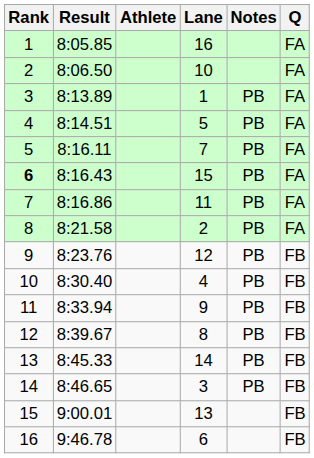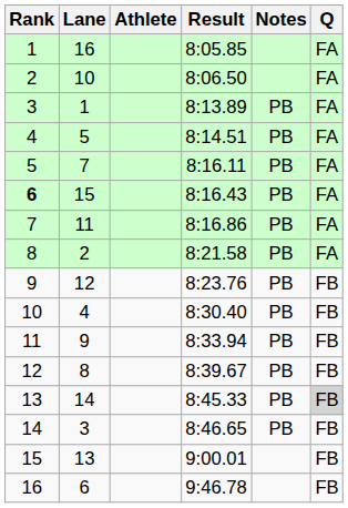 <table class="wikitable sortable" style="text-align:center">
 <tr>
 <th>Rank</th>
+<th>Lane</th>
+<th>Athlete</th>
 <th>Result</th>
-<th>Athlete</th>
-<th>Lane</th>
 <th>Notes</th>
 <th>Q</th>
 </tr>
 <tr style="background:#cfc;">
 <td>1</td>
+<td>16</td>
+<td align=left></td>
 <td>8:05.85</td>
-<td align=left></td>
-<td>16</td>
 <td></td>
 <td>FA</td>
 </tr>
 <tr style="background:#cfc;">
 <td>2</td>
+<td>10</td>
+<td align=left></td>
 <td>8:06.50</td>
-<td align=left></td>
-<td>10</td>
 <td></td>
 <td>FA</td>
 </tr>
 <tr style="background:#cfc;">
 <td>3</td>
+<td>1</td>
+<td align=left></td>
 <td>8:13.89</td>
-<td align=left></td>
-<td>1</td>
 <td>PB</td>
 <td>FA</td>
 </tr>
 <tr style="background:#cfc;">
 <td>4</td>
+<td>5</td>
+<td align=left></td>
 <td>8:14.51</td>
-<td align=left></td>
-<td>5</td>
 <td>PB</td>
 <td>FA</td>
 </tr>
 <tr style="background:#cfc;">
 <td>5</td>
+<td>7</td>
+<td align=left></td>
 <td>8:16.11</td>
-<td align=left></td>
-<td>7</td>
 <td>PB</td>
 <td>FA</td>
 </tr>
 <tr style="background:#cfc;">
 <td><strong>6</strong></td>
+<td>15</td>
+<td align=left></td>
 <td>8:16.43</td>
-<td align=left></td>
-<td>15</td>
 <td>PB</td>
 <td>FA</td>
 </tr>
 <tr style="background:#cfc;">
 <td>7</td>
+<td>11</td>
+<td align=left></td>
 <td>8:16.86</td>
-<td align=left></td>
-<td>11</td>
 <td>PB</td>
 <td>FA</td>
 </tr>
 <tr style="background:#cfc;">
 <td>8</td>
+<td>2</td>
+<td align=left></td>
 <td>8:21.58</td>
-<td align=left></td>
-<td>2</td>
 <td>PB</td>
 <td>FA</td>
 </tr>
 <tr>
 <td>9</td>
+<td>12</td>
+<td align=left></td>
 <td>8:23.76</td>
-<td align=left></td>
-<td>12</td>
 <td>PB</td>
 <td>FB</td>
 </tr>
 <tr>
 <td>10</td>
+<td>4</td>
+<td align=left></td>
 <td>8:30.40</td>
-<td align=left></td>
-<td>4</td>
 <td>PB</td>
 <td>FB</td>
 </tr>
 <tr>
 <td>11</td>
+<td>9</td>
+<td align=left></td>
 <td>8:33.94</td>
-<td align=left></td>
-<td>9</td>
 <td>PB</td>
 <td>FB</td>
 </tr>
 <tr>
 <td>12</td>
+<td>8</td>
+<td align=left></td>
 <td>8:39.67</td>
-<td align=left></td>
-<td>8</td>
 <td>PB</td>
 <td>FB</td>
 </tr>
 <tr>
 <td>13</td>
+<td>14</td>
+<td align=left></td>
 <td>8:45.33</td>
-<td align=left></td>
-<td>14</td>
 <td>PB</td>
-<td>FB</td>
+<td style="background: lightgrey;">FB</td>
 </tr>
 <tr>
 <td>14</td>
+<td>3</td>
+<td align=left></td>
 <td>8:46.65</td>
-<td align=left></td>
-<td>3</td>
 <td>PB</td>
 <td>FB</td>
 </tr>
 <tr>
 <td>15</td>
+<td>13</td>
+<td align=left></td>
 <td>9:00.01</td>
-<td align=left></td>
-<td>13</td>
 <td></td>
 <td>FB</td>
 </tr>
 <tr>
 <td>16</td>
+<td>6</td>
+<td align=left></td>
 <td>9:46.78</td>
-<td align=left></td>
-<td>6</td>
 <td></td>
 <td>FB</td>
 </tr>
 </table>
